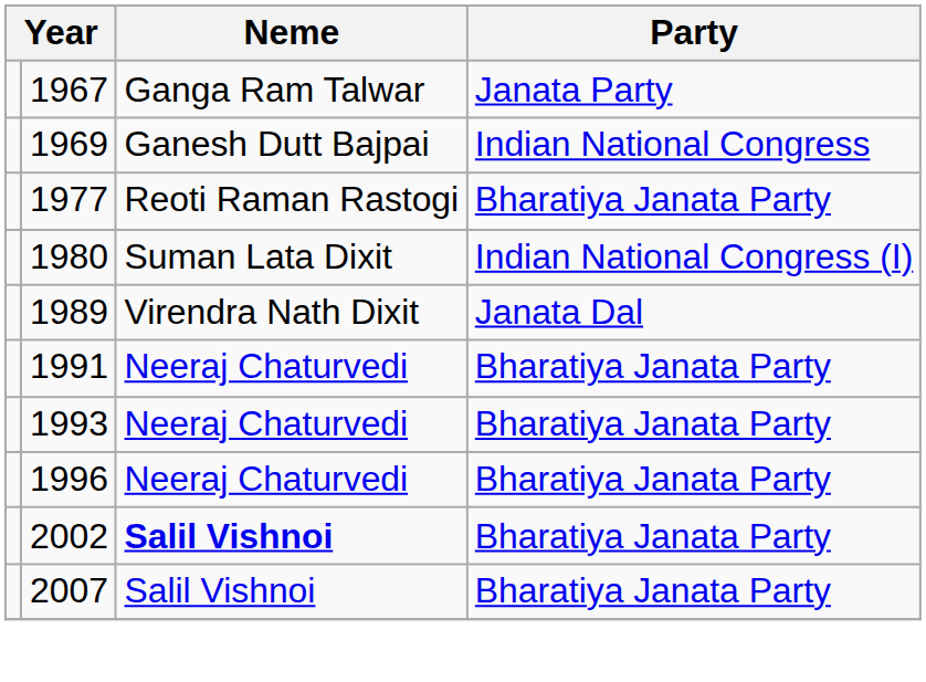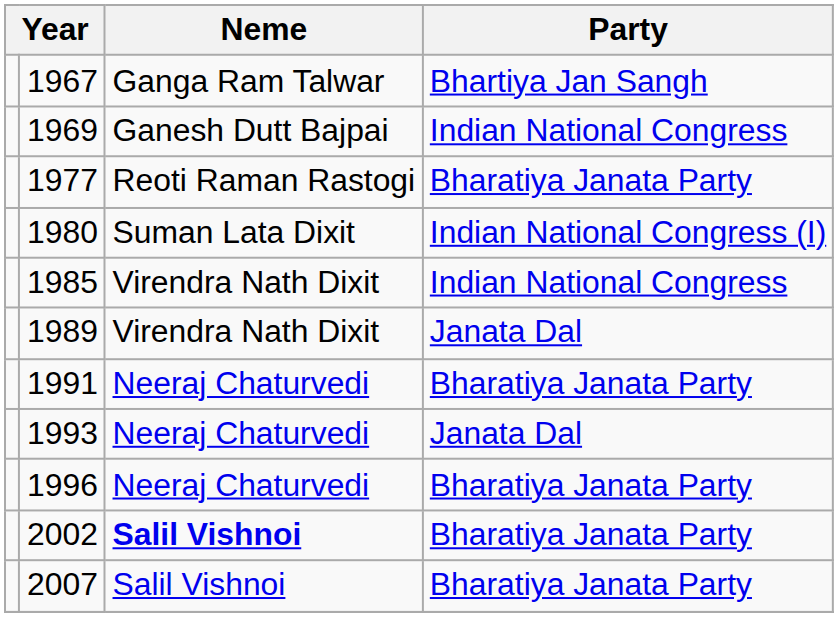 <table class="wikitable sortable">
 <tr>
 <th colspan="2">Year</th>
 <th>Neme</th>
 <th>Party</th>
 </tr>
 <tr>
 <td style="background-color: "></td>
 <td>1967</td>
 <td>Ganga Ram Talwar</td>
-<td><a href='#'>Janata Party</a></td>
+<td><a href='#'>Bhartiya Jan Sangh</a></td>
 </tr>
 <tr>
 <td style="background-color: "></td>
 <td>1969</td>
 <td>Ganesh Dutt Bajpai</td>
 <td><a href='#'>Indian National Congress</a></td>
 </tr>
 <tr>
 <td style="background-color: "></td>
 <td>1977</td>
 <td>Reoti Raman Rastogi</td>
 <td><a href='#'>Bharatiya Janata Party</a></td>
 </tr>
 <tr>
 <td style="background-color: "></td>
 <td>1980</td>
 <td>Suman Lata Dixit</td>
 <td><a href='#'>Indian National Congress (I)</a></td>
 </tr>
 <tr>
 <td style="background-color: "></td>
+<td>1985</td>
+<td>Virendra Nath Dixit</td>
+<td><a href='#'>Indian National Congress</a></td>
+</tr>
+<tr>
+<td style="background-color: "></td>
 <td>1989</td>
 <td>Virendra Nath Dixit</td>
 <td><a href='#'>Janata Dal</a></td>
 </tr>
 <tr>
 <td style="background-color: "></td>
 <td>1991</td>
 <td><a href='#'>Neeraj Chaturvedi</a></td>
 <td><a href='#'>Bharatiya Janata Party</a></td>
 </tr>
 <tr>
 <td style="background-color: "></td>
 <td>1993</td>
 <td><a href='#'>Neeraj Chaturvedi</a></td>
-<td><a href='#'>Bharatiya Janata Party</a></td>
+<td><a href='#'>Janata Dal</a></td>
 </tr>
 <tr>
 <td style="background-color: "></td>
 <td>1996</td>
 <td><a href='#'>Neeraj Chaturvedi</a></td>
 <td><a href='#'>Bharatiya Janata Party</a></td>
 </tr>
 <tr>
 <td style="background-color: "></td>
 <td>2002</td>
 <td><strong><a href='#'>Salil Vishnoi</a></strong></td>
 <td><a href='#'>Bharatiya Janata Party</a></td>
 </tr>
 <tr>
 <td style="background-color: "></td>
 <td>2007</td>
 <td><a href='#'>Salil Vishnoi</a></td>
 <td><a href='#'>Bharatiya Janata Party</a></td>
 </tr>
 <tr>
 </tr>
 </table>
